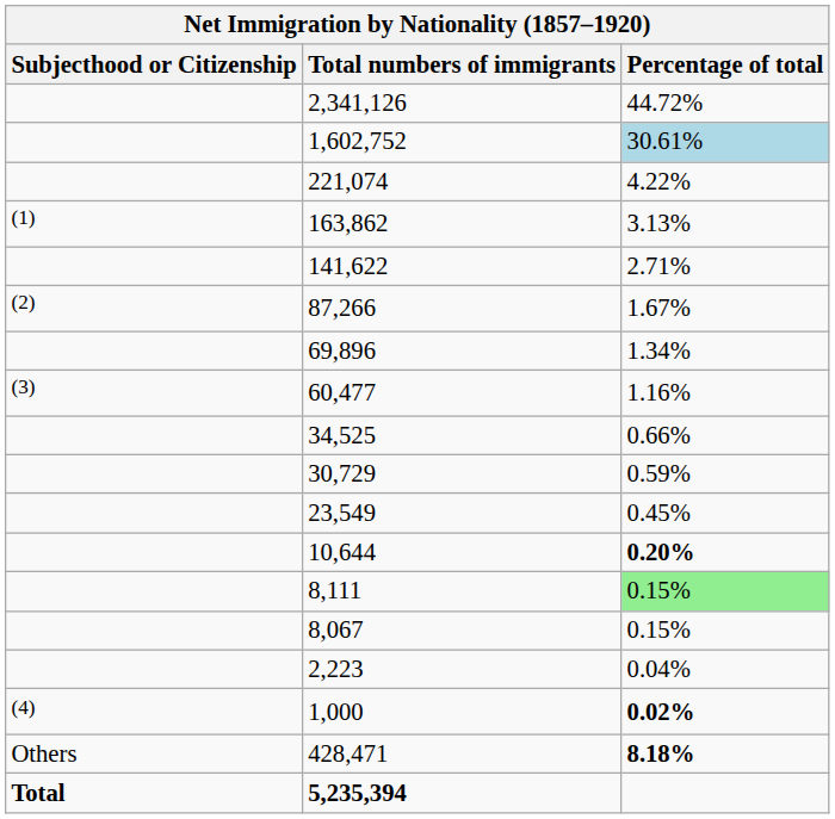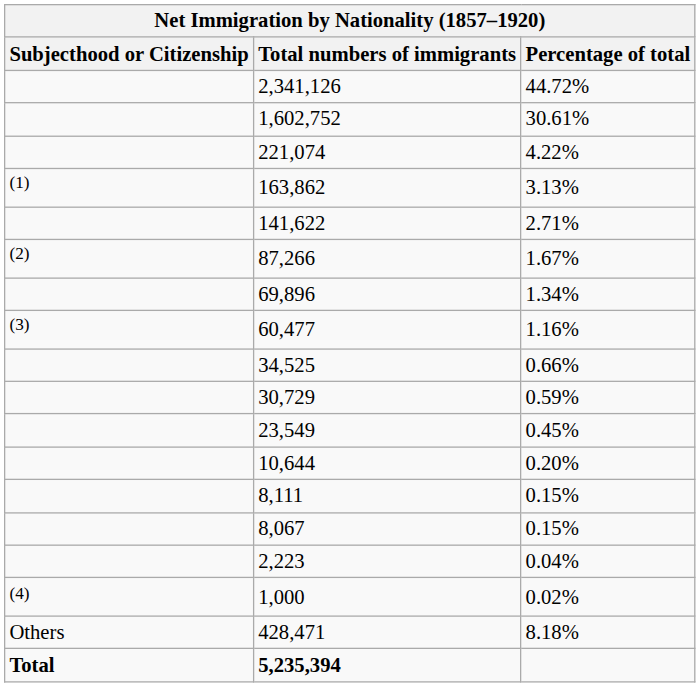 <table class="wikitable" align=" style="text-align:center">
 <tr>
 <th colspan=3>Net Immigration by Nationality (1857–1920)</th>
 </tr>
 <tr>
 <th>Subjecthood or Citizenship</th>
 <th>Total numbers of immigrants</th>
 <th>Percentage of total</th>
 </tr>
 <tr>
 <td style="text-align:left;"></td>
 <td>2,341,126</td>
 <td>44.72%</td>
 </tr>
 <tr>
 <td style="text-align:left;"></td>
 <td>1,602,752</td>
-<td style="background: lightblue;">30.61%</td>
+<td>30.61%</td>
 </tr>
 <tr>
 <td style="text-align:left;"></td>
 <td>221,074</td>
 <td>4.22%</td>
 </tr>
 <tr>
 <td style="text-align:left;"> <sup>(1)</sup></td>
 <td>163,862</td>
 <td>3.13%</td>
 </tr>
 <tr>
 <td style="text-align:left;"></td>
 <td>141,622</td>
 <td>2.71%</td>
 </tr>
 <tr>
 <td style="text-align:left;"> <sup>(2)</sup></td>
 <td>87,266</td>
 <td>1.67%</td>
 </tr>
 <tr>
 <td style="text-align:left;"></td>
 <td>69,896</td>
 <td>1.34%</td>
 </tr>
 <tr>
 <td style="text-align:left;"> <sup>(3)</sup></td>
 <td>60,477</td>
 <td>1.16%</td>
 </tr>
 <tr>
 <td style="text-align:left;"></td>
 <td>34,525</td>
 <td>0.66%</td>
 </tr>
 <tr>
 <td style="text-align:left;"></td>
 <td>30,729</td>
 <td>0.59%</td>
 </tr>
 <tr>
 <td style="text-align:left;"></td>
 <td>23,549</td>
 <td>0.45%</td>
 </tr>
 <tr>
 <td style="text-align:left;"></td>
 <td>10,644</td>
-<td><strong>0.20%</strong></td>
+<td>0.20%</td>
 </tr>
 <tr>
 <td style="text-align:left;"></td>
 <td>8,111</td>
-<td style="background: lightgreen;">0.15%</td>
+<td>0.15%</td>
 </tr>
 <tr>
 <td style="text-align:left;"></td>
 <td>8,067</td>
 <td>0.15%</td>
 </tr>
 <tr>
 <td style="text-align:left;"></td>
 <td>2,223</td>
 <td>0.04%</td>
 </tr>
 <tr>
 <td style="text-align:left;"><sup>(4)</sup></td>
 <td>1,000</td>
-<td><strong>0.02%</strong></td>
+<td>0.02%</td>
 </tr>
 <tr>
 <td style="text-align:left;">Others</td>
 <td>428,471</td>
-<td><strong>8.18%</strong></td>
+<td>8.18%</td>
 </tr>
 <tr>
 <td style="text-align:left;"><strong>Total</strong></td>
 <td><strong>5,235,394</strong></td>
 <td></td>
 </tr>
 </table>
